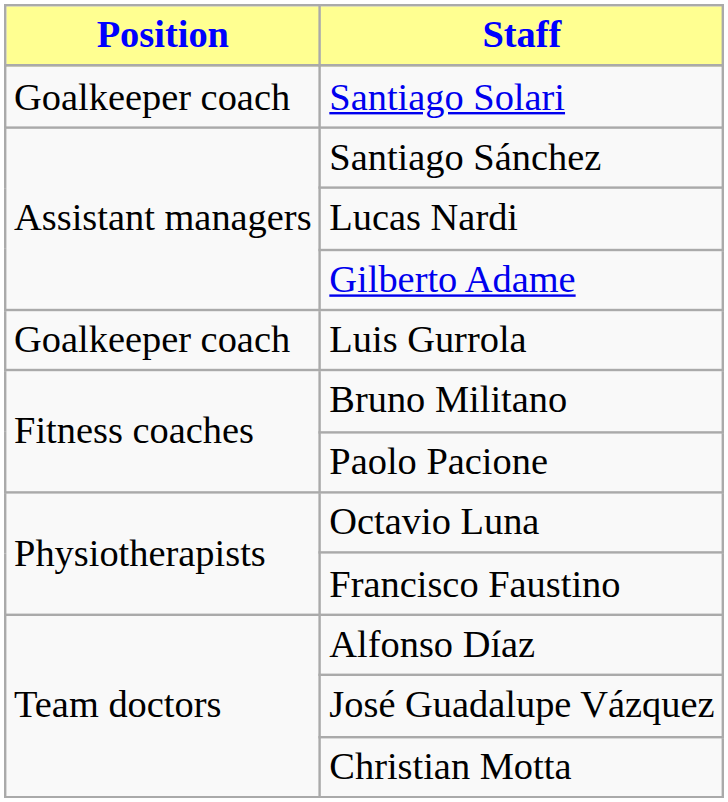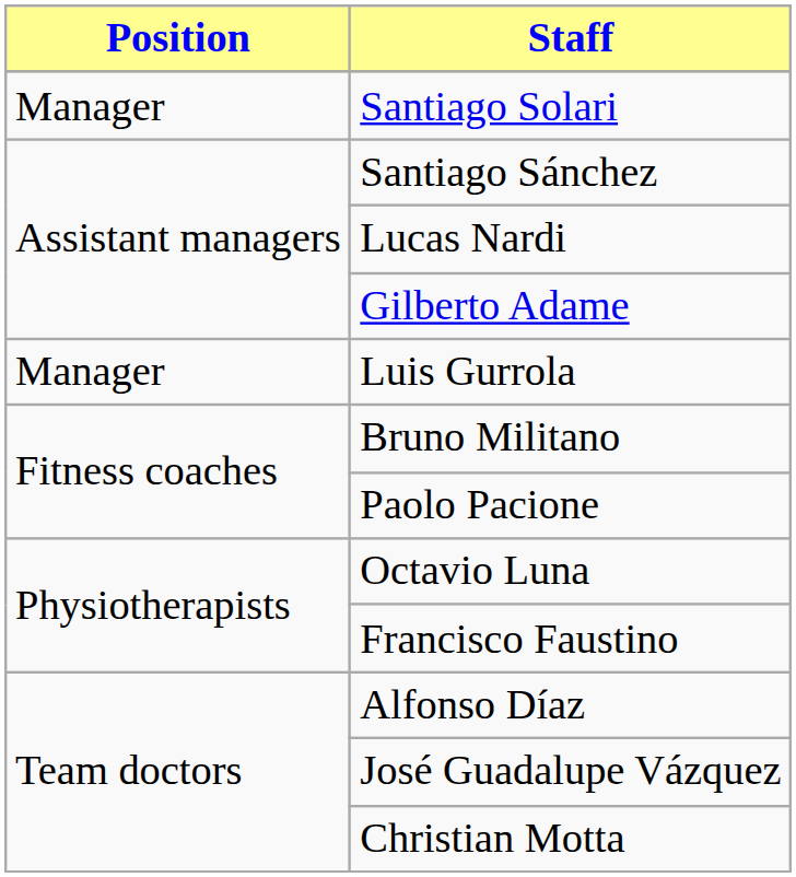 <table class="wikitable">
 <tr>
 <th style=background-color:#FFFF91;color:Blue>Position</th>
 <th style=background-color:#FFFF91;color:Blue>Staff</th>
 </tr>
 <tr>
 </tr>
 <tr>
-<td>Goalkeeper coach</td>
+<td>Manager</td>
 <td> <a href='#'>Santiago Solari</a></td>
 </tr>
 <tr>
 <td rowspan="3">Assistant managers</td>
 <td> Santiago Sánchez</td>
 </tr>
 <tr>
 <td> Lucas Nardi</td>
 </tr>
 <tr>
 <td> <a href='#'>Gilberto Adame</a></td>
 </tr>
 <tr>
-<td>Goalkeeper coach</td>
+<td>Manager</td>
 <td> Luis Gurrola</td>
 </tr>
 <tr>
 <td rowspan="2">Fitness coaches</td>
 <td> Bruno Militano</td>
 </tr>
 <tr>
 <td> Paolo Pacione</td>
 </tr>
 <tr>
 <td rowspan="2">Physiotherapists</td>
 <td> Octavio Luna</td>
 </tr>
 <tr>
 <td> Francisco Faustino</td>
 </tr>
 <tr>
 <td rowspan="3 ">Team doctors</td>
 <td> Alfonso Díaz</td>
 </tr>
 <tr>
 <td> José Guadalupe Vázquez</td>
 </tr>
 <tr>
 <td> Christian Motta</td>
 </tr>
 </table>
